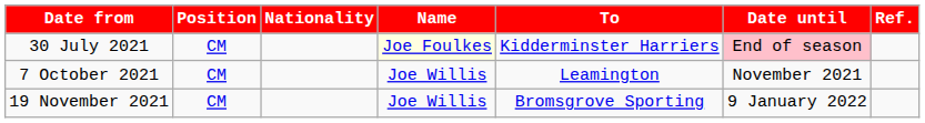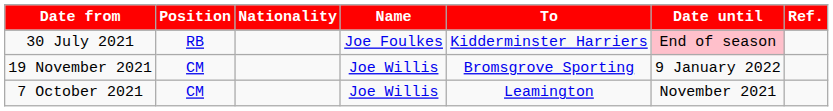 <table class="wikitable"  style="text-align:center; font-size:90%; ">
 <tr>
 <th style="background:red;color:white;">Date from</th>
 <th style="background:red;color:white;">Position</th>
 <th style="background:red;color:white;">Nationality</th>
 <th style="background:red;color:white;">Name</th>
 <th style="background:red;color:white;">To</th>
 <th style="background:red;color:white;">Date until</th>
 <th style="background:red;color:white;">Ref.</th>
 </tr>
 <tr>
 <td>30 July 2021</td>
+<td><a href='#'>RB</a></td>
+<td></td>
+<td><a href='#'>Joe Foulkes</a></td>
+<td> <a href='#'>Kidderminster Harriers</a></td>
+<td style="background: pink;">End of season</td>
+<td></td>
+</tr>
+<tr>
+<td>19 November 2021</td>
 <td><a href='#'>CM</a></td>
 <td></td>
-<td style="background: lightyellow;"><a href='#'>Joe Foulkes</a></td>
-<td> <a href='#'>Kidderminster Harriers</a></td>
-<td style="background: pink;">End of season</td>
+<td><a href='#'>Joe Willis</a></td>
+<td> <a href='#'>Bromsgrove Sporting</a></td>
+<td>9 January 2022</td>
 <td></td>
 </tr>
 <tr>
 <td>7 October 2021</td>
 <td><a href='#'>CM</a></td>
 <td></td>
 <td><a href='#'>Joe Willis</a></td>
 <td> <a href='#'>Leamington</a></td>
 <td>November 2021</td>
 <td></td>
 </tr>
-<tr>
-<td>19 November 2021</td>
-<td><a href='#'>CM</a></td>
-<td></td>
-<td><a href='#'>Joe Willis</a></td>
-<td> <a href='#'>Bromsgrove Sporting</a></td>
-<td>9 January 2022</td>
-<td></td>
-</tr>
 </table>
